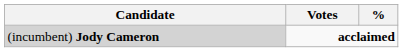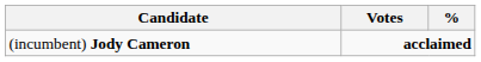 <table style="width:475px;" class="wikitable">
 <tr>
 <th align="center">Candidate</th>
 <th align="center">Votes</th>
 <th align="center">%</th>
 </tr>
 <tr>
-<td align="left" style="background: lightgrey;">(incumbent) <strong>Jody Cameron</strong></td>
+<td align="left">(incumbent) <strong>Jody Cameron</strong></td>
 <td align="right" colspan="2"><strong>acclaimed</strong></td>
 </tr>
 </table>
